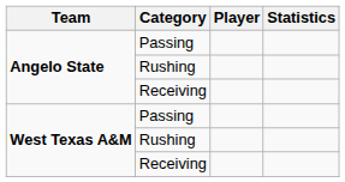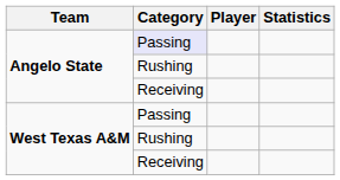 <table class="wikitable" style="float: right;">
 <tr>
 <th>Team</th>
 <th>Category</th>
 <th>Player</th>
 <th>Statistics</th>
 </tr>
 <tr>
 <td rowspan=3><strong>Angelo State</strong></td>
-<td>Passing</td>
+<td style="background: lavender;">Passing</td>
 <td></td>
 <td></td>
 </tr>
 <tr>
 <td>Rushing</td>
 <td></td>
 <td></td>
 </tr>
 <tr>
 <td>Receiving</td>
 <td></td>
 <td></td>
 </tr>
 <tr>
 <td rowspan=3><strong>West Texas A&M</strong></td>
 <td>Passing</td>
 <td></td>
 <td></td>
 </tr>
 <tr>
 <td>Rushing</td>
 <td></td>
 <td></td>
 </tr>
 <tr>
 <td>Receiving</td>
 <td></td>
 <td></td>
 </tr>
 </table>
